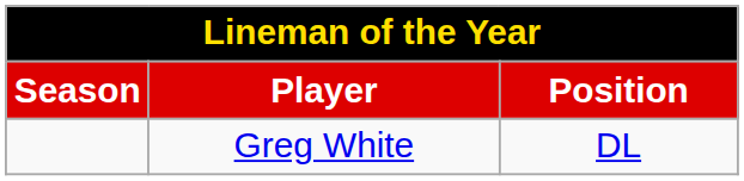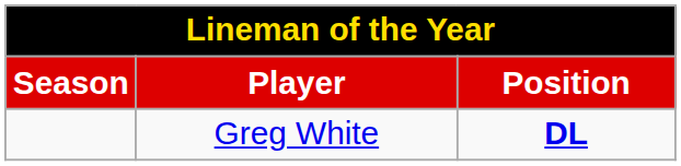 <table class="wikitable sortable" style="text-align:center">
 <tr>
 <td colspan="4" style="background:black; color:#FFDF00;"><strong>Lineman of the Year</strong></td>
 </tr>
 <tr>
 <th style="width:50px; background:#d00; color:white;">Season</th>
 <th style="width:150px; background:#d00; color:white;">Player</th>
 <th style="width:100px; background:#d00; color:white;">Position</th>
 </tr>
 <tr>
 <td></td>
 <td><a href='#'>Greg White</a></td>
-<td><a href='#'>DL</a></td>
+<td><strong><a href='#'>DL</a></strong></td>
 </tr>
 </table>
